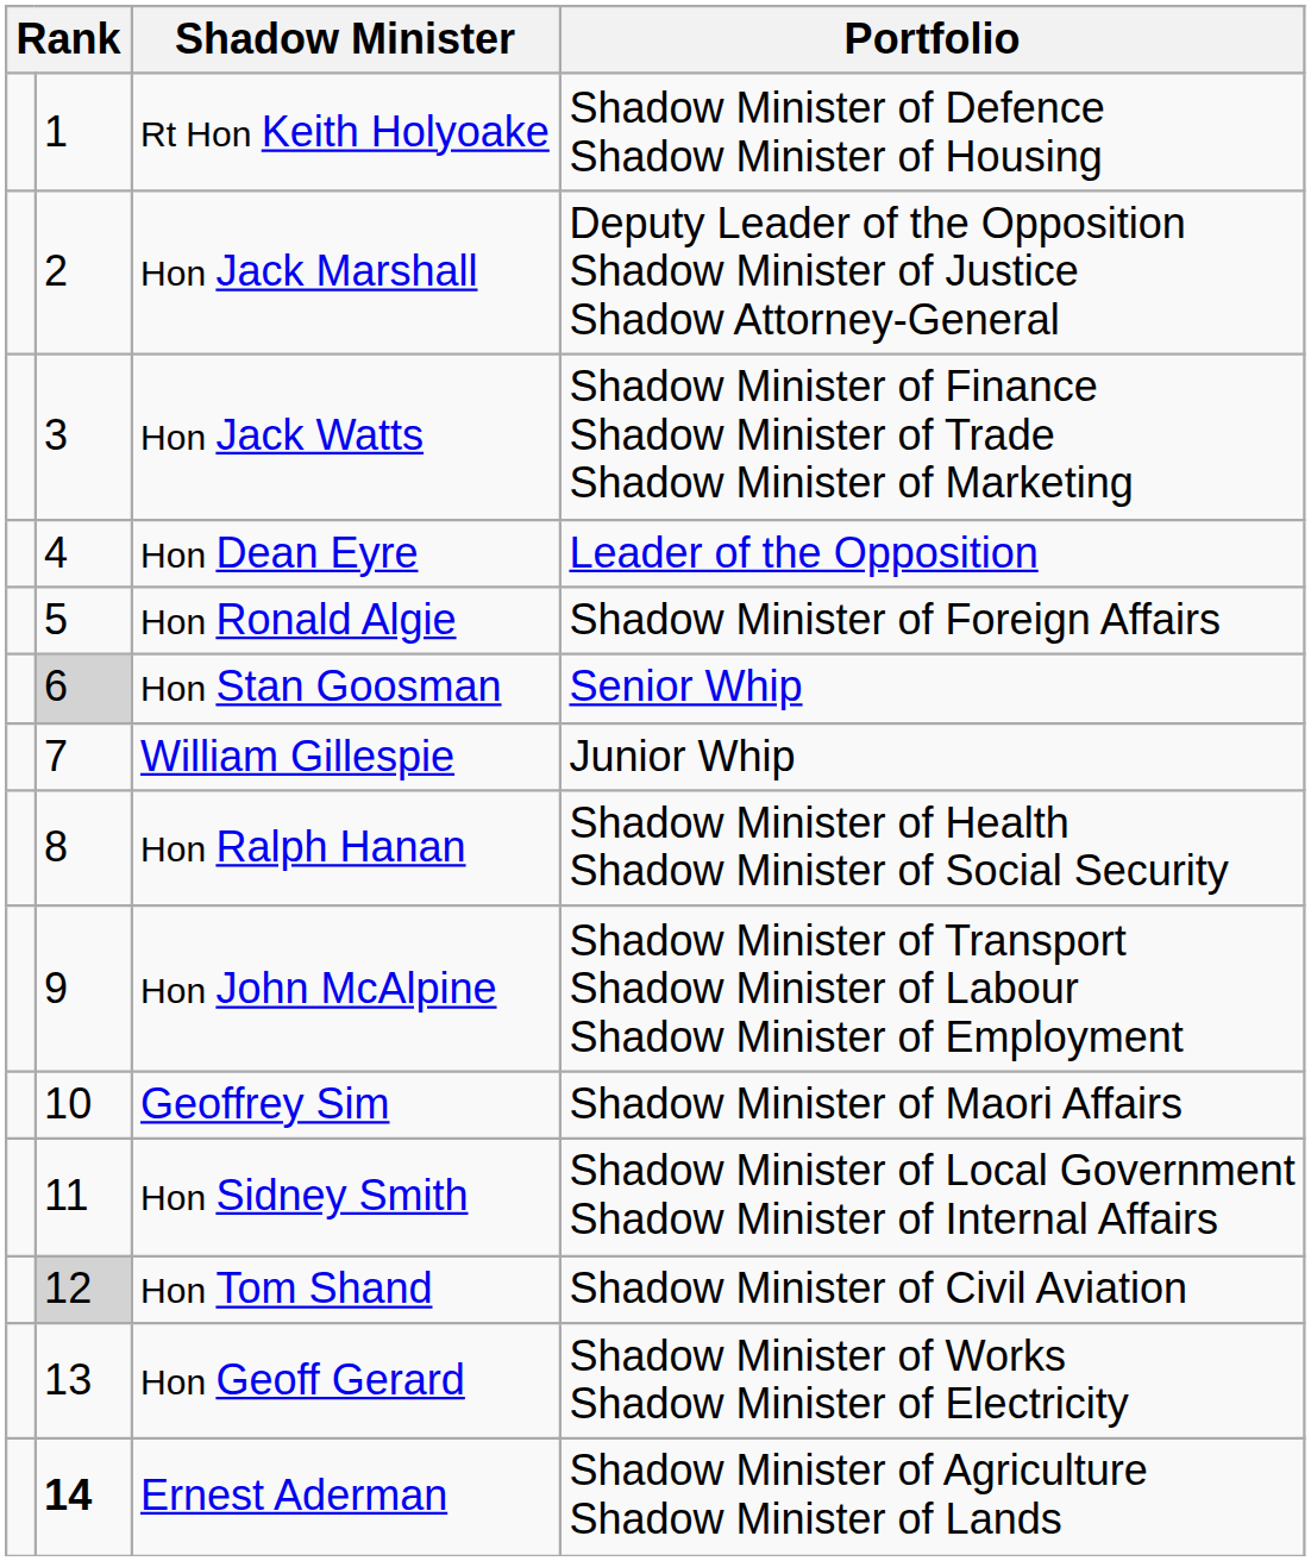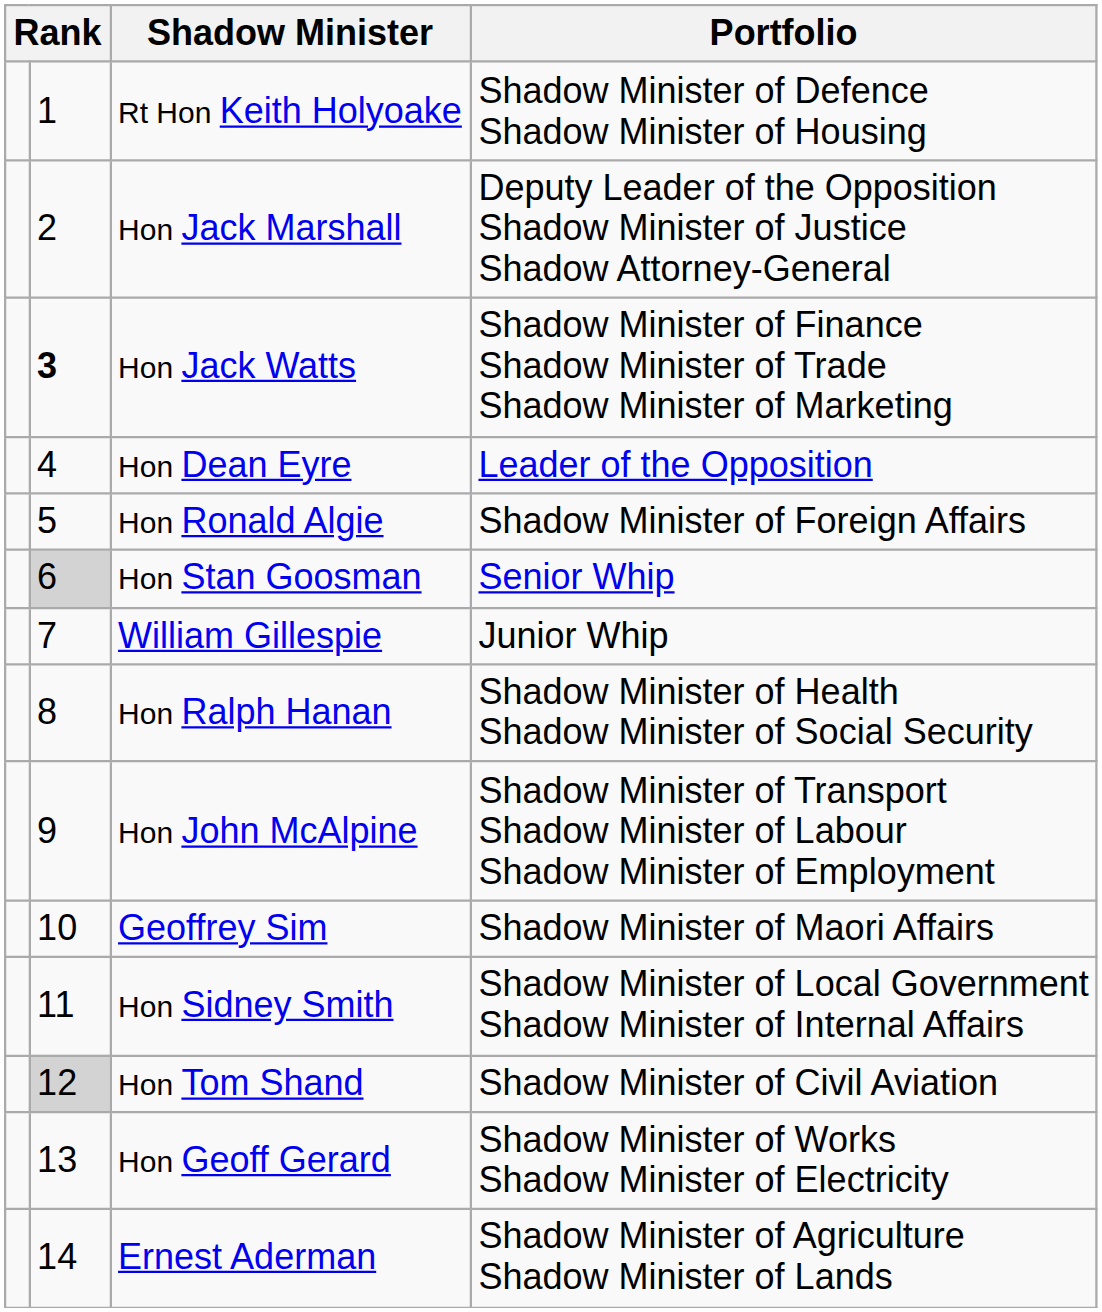 <table class="wikitable">
 <tr>
 <th colspan="2">Rank</th>
 <th>Shadow Minister</th>
 <th>Portfolio</th>
 </tr>
 <tr>
 <td bgcolor=></td>
 <td>1</td>
 <td><small>Rt Hon </small><a href='#'>Keith Holyoake</a></td>
 <td>Shadow Minister of Defence<br>Shadow Minister of Housing</td>
 </tr>
 <tr>
 <td bgcolor=></td>
 <td>2</td>
 <td><small>Hon </small><a href='#'>Jack Marshall</a></td>
 <td>Deputy Leader of the Opposition<br>Shadow Minister of Justice<br>Shadow Attorney-General</td>
 </tr>
 <tr>
 <td bgcolor=></td>
-<td>3</td>
+<td><strong>3</strong></td>
 <td><small>Hon </small><a href='#'>Jack Watts</a></td>
 <td>Shadow Minister of Finance<br>Shadow Minister of Trade<br>Shadow Minister of Marketing</td>
 </tr>
 <tr>
 <td bgcolor=></td>
 <td>4</td>
 <td><small>Hon </small><a href='#'>Dean Eyre</a></td>
 <td><a href='#'>Leader of the Opposition</a></td>
 </tr>
 <tr>
 <td bgcolor=></td>
 <td>5</td>
 <td><small>Hon </small><a href='#'>Ronald Algie</a></td>
 <td>Shadow Minister of Foreign Affairs</td>
 </tr>
 <tr>
 <td bgcolor=></td>
 <td style="background: lightgrey;">6</td>
 <td><small>Hon </small><a href='#'>Stan Goosman</a></td>
 <td><a href='#'>Senior Whip</a></td>
 </tr>
 <tr>
 <td bgcolor=></td>
 <td>7</td>
 <td><a href='#'>William Gillespie</a></td>
 <td>Junior Whip</td>
 </tr>
 <tr>
 <td bgcolor=></td>
 <td>8</td>
 <td><small>Hon </small><a href='#'>Ralph Hanan</a></td>
 <td>Shadow Minister of Health<br>Shadow Minister of Social Security</td>
 </tr>
 <tr>
 <td bgcolor=></td>
 <td>9</td>
 <td><small>Hon </small><a href='#'>John McAlpine</a></td>
 <td>Shadow Minister of Transport<br>Shadow Minister of Labour<br>Shadow Minister of Employment</td>
 </tr>
 <tr>
 <td bgcolor=></td>
 <td>10</td>
 <td><a href='#'>Geoffrey Sim</a></td>
 <td>Shadow Minister of Maori Affairs</td>
 </tr>
 <tr>
 <td bgcolor=></td>
 <td>11</td>
 <td><small>Hon </small><a href='#'>Sidney Smith</a></td>
 <td>Shadow Minister of Local Government<br>Shadow Minister of Internal Affairs</td>
 </tr>
 <tr>
 <td bgcolor=></td>
 <td style="background: lightgrey;">12</td>
 <td><small>Hon </small><a href='#'>Tom Shand</a></td>
 <td>Shadow Minister of Civil Aviation</td>
 </tr>
 <tr>
 <td bgcolor=></td>
 <td>13</td>
 <td><small>Hon </small><a href='#'>Geoff Gerard</a></td>
 <td>Shadow Minister of Works<br>Shadow Minister of Electricity</td>
 </tr>
 <tr>
 <td bgcolor=></td>
-<td><strong>14</strong></td>
+<td>14</td>
 <td><a href='#'>Ernest Aderman</a></td>
 <td>Shadow Minister of Agriculture<br>Shadow Minister of Lands</td>
 </tr>
 </table>
